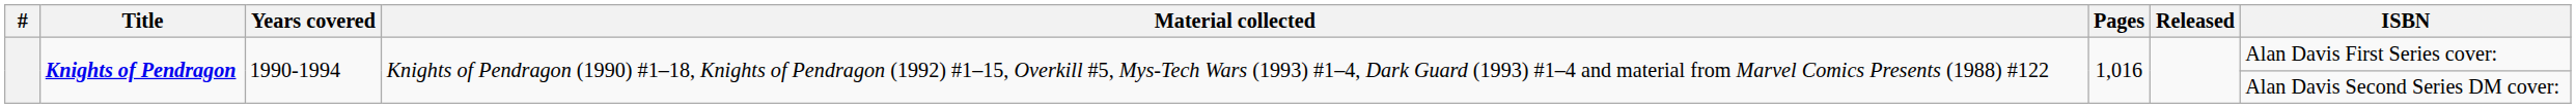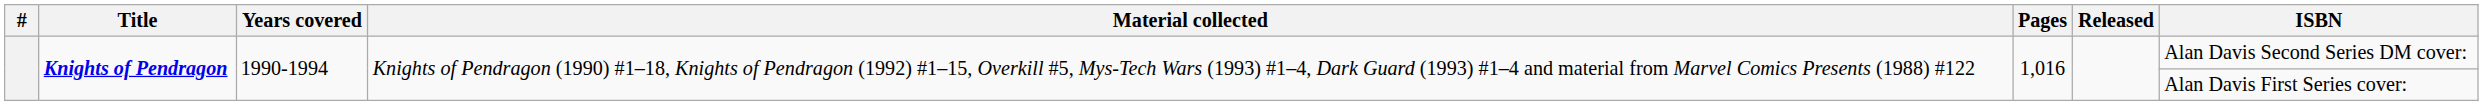 <table class="wikitable sortable" width="99%">
 <tr>
 <th class="unsortable" width="20px">#</th>
 <th>Title</th>
 <th>Years covered</th>
 <th class="unsortable">Material collected</th>
 <th>Pages</th>
 <th>Released</th>
 <th class="unsortable">ISBN</th>
 </tr>
 <tr>
 <th rowspan="2" style="background-color: light grey;"></th>
 <td rowspan="2"><strong><em><a href='#'>Knights of Pendragon</a></em></strong></td>
 <td rowspan="2">1990-1994</td>
 <td rowspan="2"><em>Knights of Pendragon</em> (1990) #1–18, <em>Knights of Pendragon</em> (1992) #1–15, <em>Overkill</em> #5, <em>Mys-Tech Wars</em> (1993) #1–4, <em>Dark Guard</em> (1993) #1–4 and material from <em>Marvel Comics Presents</em> (1988) #122</td>
 <td rowspan="2" style="text-align: center;">1,016</td>
 <td rowspan="2"></td>
+<td>Alan Davis Second Series DM cover: </td>
+</tr>
+<tr>
 <td>Alan Davis First Series cover: </td>
 </tr>
-<tr>
-<td>Alan Davis Second Series DM cover: </td>
-</tr>
 </table>
